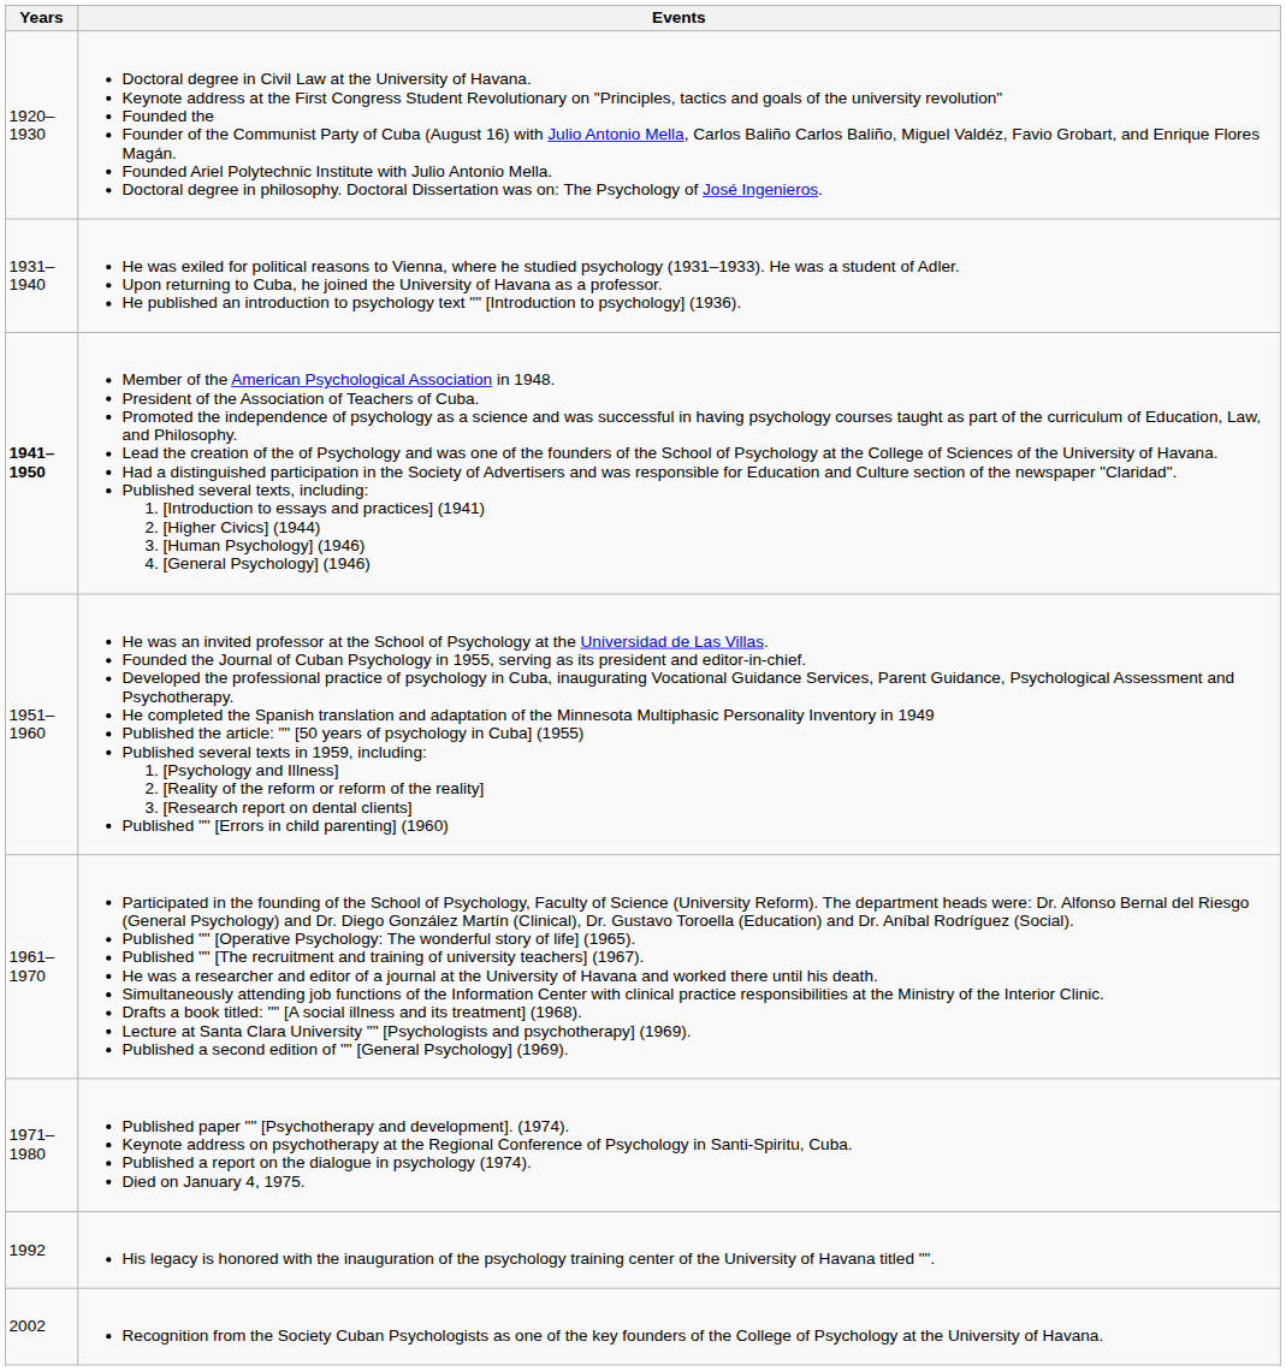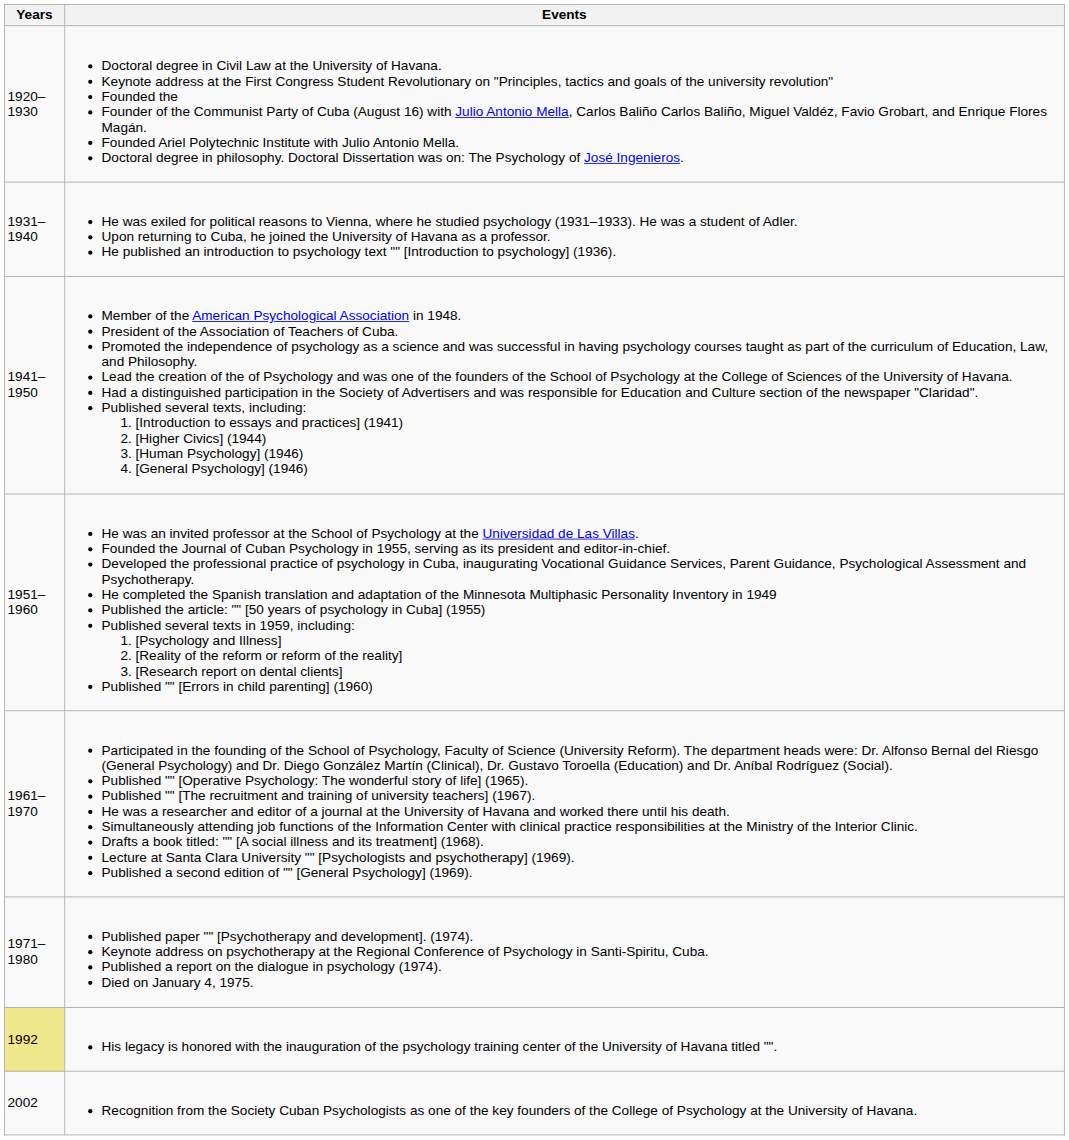 <table class="wikitable">
 <tr>
 <th><strong>Years</strong></th>
 <th><strong>Events</strong></th>
 </tr>
 <tr>
 <td>1920–1930</td>
 <td><br><ul><li>Doctoral degree in Civil Law at the University of Havana.</li><li>Keynote address at the First Congress Student Revolutionary on "Principles, tactics and goals of the university revolution"</li><li>Founded the</li><li>Founder of the Communist Party of Cuba (August 16) with <a href='#'>Julio Antonio Mella</a>, Carlos Baliño Carlos Baliño, Miguel Valdéz, Favio Grobart, and Enrique Flores Magán.</li><li>Founded Ariel Polytechnic Institute with Julio Antonio Mella.</li><li>Doctoral degree in philosophy. Doctoral Dissertation was on: The Psychology of <a href='#'>José Ingenieros</a>.</li></ul></td>
 </tr>
 <tr>
 <td>1931–1940</td>
 <td><br><ul><li>He was exiled for political reasons to Vienna, where he studied psychology (1931–1933). He was a student of Adler.</li><li>Upon returning to Cuba, he joined the University of Havana as a professor.</li><li>He published an introduction to psychology text "" [Introduction to psychology] (1936).</li></ul></td>
 </tr>
 <tr>
-<td><strong>1941–1950</strong></td>
+<td>1941–1950</td>
 <td><br><ul><li>Member of the <a href='#'>American Psychological Association</a> in 1948.</li><li>President of the Association of Teachers of Cuba.</li><li>Promoted the independence of psychology as a science and was successful in having psychology courses taught as part of the curriculum of Education, Law, and Philosophy.</li><li>Lead the creation of the  of Psychology and was one of the founders of the School of Psychology at the College of Sciences of the University of Havana.</li><li>Had a distinguished participation in the Society of Advertisers and was responsible for Education and Culture section of the newspaper "Claridad".</li><li>Published several texts, including:<ol><li> [Introduction to essays and practices] (1941)</li><li> [Higher Civics] (1944)</li><li> [Human Psychology] (1946)</li><li> [General Psychology] (1946)</li></ol></li></ul></td>
 </tr>
 <tr>
 <td>1951–1960</td>
 <td><br><ul><li>He was an invited professor at the School of Psychology at the <a href='#'>Universidad de Las Villas</a>.</li><li>Founded the Journal of Cuban Psychology in 1955, serving as its president and editor-in-chief.</li><li>Developed the professional practice of psychology in Cuba, inaugurating Vocational Guidance Services, Parent Guidance, Psychological Assessment and Psychotherapy.</li><li>He completed the Spanish translation and adaptation of the Minnesota Multiphasic Personality Inventory in 1949</li><li>Published the article: "" [50 years of psychology in Cuba] (1955)</li><li>Published several texts in 1959, including:<ol><li> [Psychology and Illness]</li><li> [Reality of the reform or reform of the reality]</li><li> [Research report on dental clients]</li></ol></li><li>Published "" [Errors in child parenting] (1960)</li></ul></td>
 </tr>
 <tr>
 <td>1961–1970</td>
 <td><br><ul><li>Participated in the founding of the School of Psychology, Faculty of Science (University Reform). The department heads were: Dr. Alfonso Bernal del Riesgo (General Psychology) and Dr. Diego González Martín (Clinical), Dr. Gustavo Toroella (Education) and Dr. Aníbal Rodríguez (Social).</li><li>Published "" [Operative Psychology: The wonderful story of life] (1965).</li><li>Published "" [The recruitment and training of university teachers] (1967).</li><li>He was a researcher and editor of a journal at the University of Havana and worked there until his death.</li><li>Simultaneously attending job functions of the Information Center with clinical practice responsibilities at the Ministry of the Interior Clinic.</li><li>Drafts a book titled: "" [A social illness and its treatment] (1968).</li><li>Lecture at Santa Clara University "" [Psychologists and psychotherapy] (1969).</li><li>Published a second edition of "" [General Psychology] (1969).</li></ul></td>
 </tr>
 <tr>
 <td>1971–1980</td>
 <td><br><ul><li>Published paper "" [Psychotherapy and development]. (1974).</li><li>Keynote address on psychotherapy at the Regional Conference of Psychology in Santi-Spiritu, Cuba.</li><li>Published a report on the dialogue in psychology (1974).</li><li>Died on January 4, 1975.</li></ul></td>
 </tr>
 <tr>
-<td>1992</td>
+<td style="background: khaki;">1992</td>
 <td><br><ul><li>His legacy is honored with the inauguration of the psychology training center of the University of Havana titled "".</li></ul></td>
 </tr>
 <tr>
 <td>2002</td>
 <td><br><ul><li>Recognition from the Society Cuban Psychologists as one of the key founders of the College of Psychology at the University of Havana.</li></ul></td>
 </tr>
 </table>
